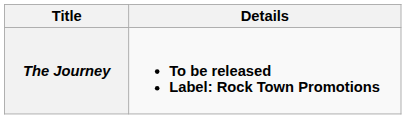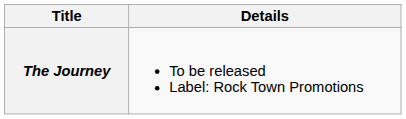 <table class="wikitable plainrowheaders">
 <tr>
 <th style="width:8em;">Title</th>
 <th style="width:18em;">Details</th>
 </tr>
 <tr>
 <th scope="row"><em>The Journey</em></th>
-<td><strong><br><ul><li>To be released</li><li>Label: Rock Town Promotions</li></ul></strong></td>
+<td><br><ul><li>To be released</li><li>Label: Rock Town Promotions</li></ul></td>
 </tr>
 </table>
